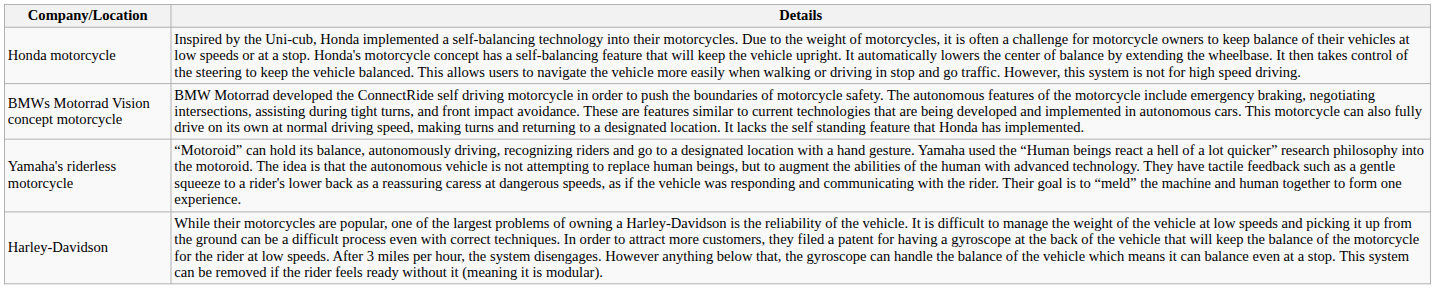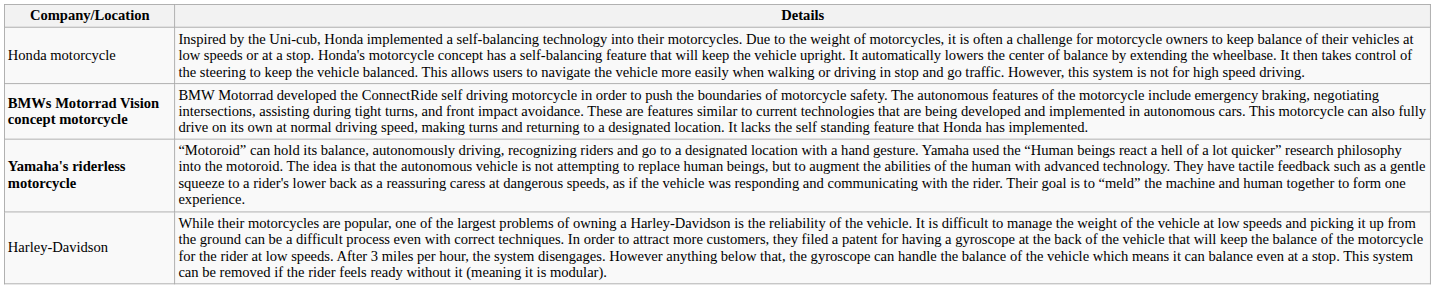 <table class="wikitable">
 <tr>
 <th>Company/Location</th>
 <th>Details</th>
 </tr>
 <tr>
 <td>Honda motorcycle</td>
 <td>Inspired by the Uni-cub, Honda implemented a self-balancing technology into their motorcycles. Due to the weight of motorcycles, it is often a challenge for motorcycle owners to keep balance of their vehicles at low speeds or at a stop. Honda's motorcycle concept has a self-balancing feature that will keep the vehicle upright. It automatically lowers the center of balance by extending the wheelbase. It then takes control of the steering to keep the vehicle balanced. This allows users to navigate the vehicle more easily when walking or driving in stop and go traffic. However, this system is not for high speed driving.</td>
 </tr>
 <tr>
-<td>BMWs Motorrad Vision concept motorcycle</td>
+<td><strong>BMWs Motorrad Vision concept motorcycle</strong></td>
 <td>BMW Motorrad developed the ConnectRide self driving motorcycle in order to push the boundaries of motorcycle safety. The autonomous features of the motorcycle include emergency braking, negotiating intersections, assisting during tight turns, and front impact avoidance. These are features similar to current technologies that are being developed and implemented in autonomous cars. This motorcycle can also fully drive on its own at normal driving speed, making turns and returning to a designated location. It lacks the self standing feature that Honda has implemented.</td>
 </tr>
 <tr>
-<td>Yamaha's riderless motorcycle</td>
+<td><strong>Yamaha's riderless motorcycle</strong></td>
 <td>“Motoroid” can hold its balance, autonomously driving, recognizing riders and go to a designated location with a hand gesture. Yamaha used the “Human beings react a hell of a lot quicker” research philosophy into the motoroid. The idea is that the autonomous vehicle is not attempting to replace human beings, but to augment the abilities of the human with advanced technology. They have tactile feedback such as a gentle squeeze to a rider's lower back as a reassuring caress at dangerous speeds, as if the vehicle was responding and communicating with the rider. Their goal is to “meld” the machine and human together to form one experience.</td>
 </tr>
 <tr>
 <td>Harley-Davidson</td>
 <td>While their motorcycles are popular, one of the largest problems of owning a Harley-Davidson is the reliability of the vehicle. It is difficult to manage the weight of the vehicle at low speeds and picking it up from the ground can be a difficult process even with correct techniques. In order to attract more customers, they filed a patent for having a gyroscope at the back of the vehicle that will keep the balance of the motorcycle for the rider at low speeds. After 3 miles per hour, the system disengages. However anything below that, the gyroscope can handle the balance of the vehicle which means it can balance even at a stop. This system can be removed if the rider feels ready without it (meaning it is modular).</td>
 </tr>
 </table>
